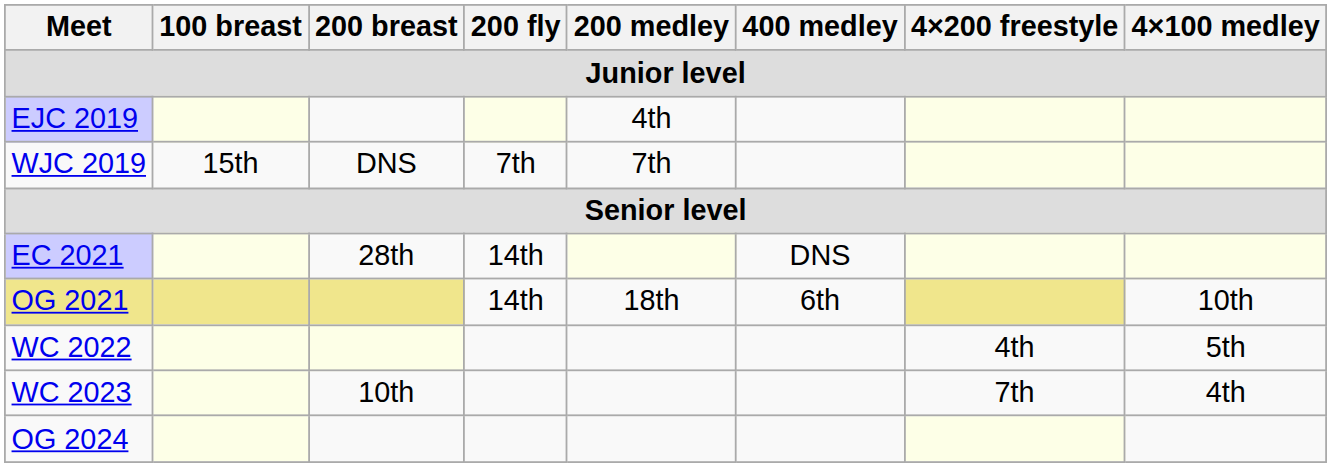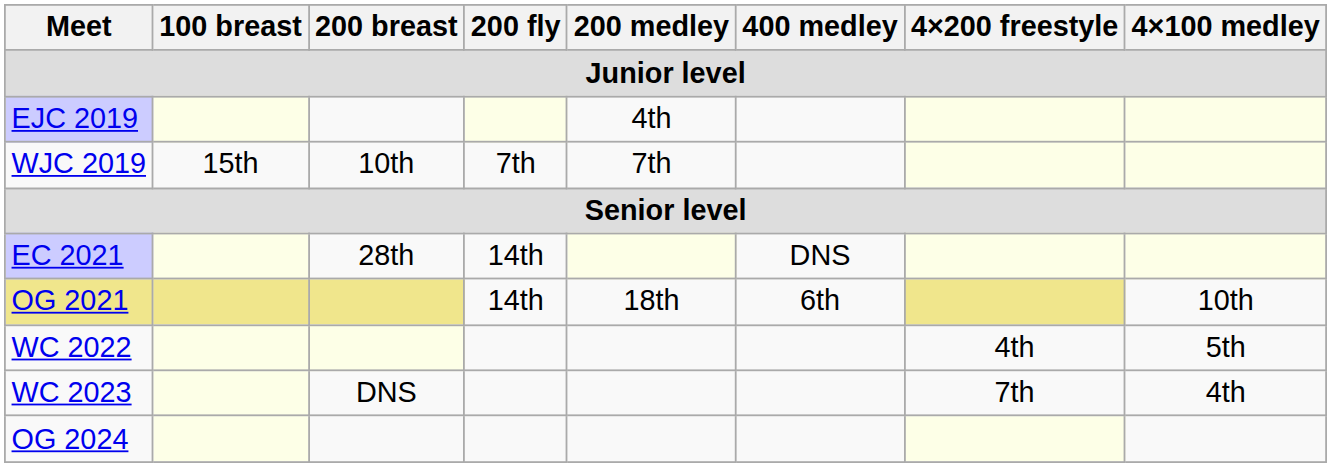 <table class="sortable wikitable">
 <tr>
 <th>Meet</th>
 <th class="unsortable">100 breast</th>
 <th class="unsortable">200 breast</th>
 <th class="unsortable">200 fly</th>
 <th class="unsortable">200 medley</th>
 <th class="unsortable">400 medley</th>
 <th class="unsortable">4×200 freestyle</th>
 <th class="unsortable">4×100 medley</th>
 </tr>
 <tr bgcolor="#DDDDDD">
 <td colspan="8" align="center"><strong>Junior level</strong></td>
 </tr>
 <tr>
 <td style="background:#ccccff"><a href='#'>EJC 2019</a></td>
 <td style="background:#fdffe7"></td>
 <td align="center"></td>
 <td style="background:#fdffe7"></td>
 <td align="center">4th</td>
 <td align="center"></td>
 <td style="background:#fdffe7"></td>
 <td style="background:#fdffe7"></td>
 </tr>
 <tr>
 <td><a href='#'>WJC 2019</a></td>
 <td align="center">15th</td>
-<td align="center">DNS</td>
+<td align="center">10th</td>
 <td align="center">7th</td>
 <td align="center">7th</td>
 <td align="center"></td>
 <td style="background:#fdffe7"></td>
 <td style="background:#fdffe7"></td>
 </tr>
 <tr bgcolor="#DDDDDD">
 <td colspan="8" align="center"><strong>Senior level</strong></td>
 </tr>
 <tr>
 <td style="background:#ccccff"><a href='#'>EC 2021</a></td>
 <td style="background:#fdffe7"></td>
 <td align="center">28th</td>
 <td align="center">14th</td>
 <td style="background:#fdffe7"></td>
 <td align="center">DNS</td>
 <td style="background:#fdffe7"></td>
 <td style="background:#fdffe7"></td>
 </tr>
 <tr>
 <td style="background:#f0e68c"><a href='#'>OG 2021</a></td>
 <td style="background:#f0e68c"></td>
 <td style="background:#f0e68c"></td>
 <td align="center">14th</td>
 <td align="center">18th</td>
 <td align="center">6th</td>
 <td style="background:#f0e68c"></td>
 <td align="center">10th</td>
 </tr>
 <tr>
 <td><a href='#'>WC 2022</a></td>
 <td style="background:#fdffe7"></td>
 <td style="background:#fdffe7"></td>
 <td align="center"></td>
 <td align="center"></td>
 <td align="center"></td>
 <td align="center">4th</td>
 <td align="center">5th</td>
 </tr>
 <tr>
 <td><a href='#'>WC 2023</a></td>
 <td style="background:#fdffe7"></td>
-<td align="center">10th</td>
+<td align="center">DNS</td>
 <td align="center"></td>
 <td align="center"></td>
 <td align="center"></td>
 <td align="center">7th</td>
 <td align="center">4th</td>
 </tr>
 <tr>
 <td><a href='#'>OG 2024</a></td>
 <td style="background:#fdffe7"></td>
 <td align="center"></td>
 <td align="center"></td>
 <td align="center"></td>
 <td align="center"></td>
 <td style="background:#fdffe7"></td>
 <td align="center"></td>
 </tr>
 </table>
